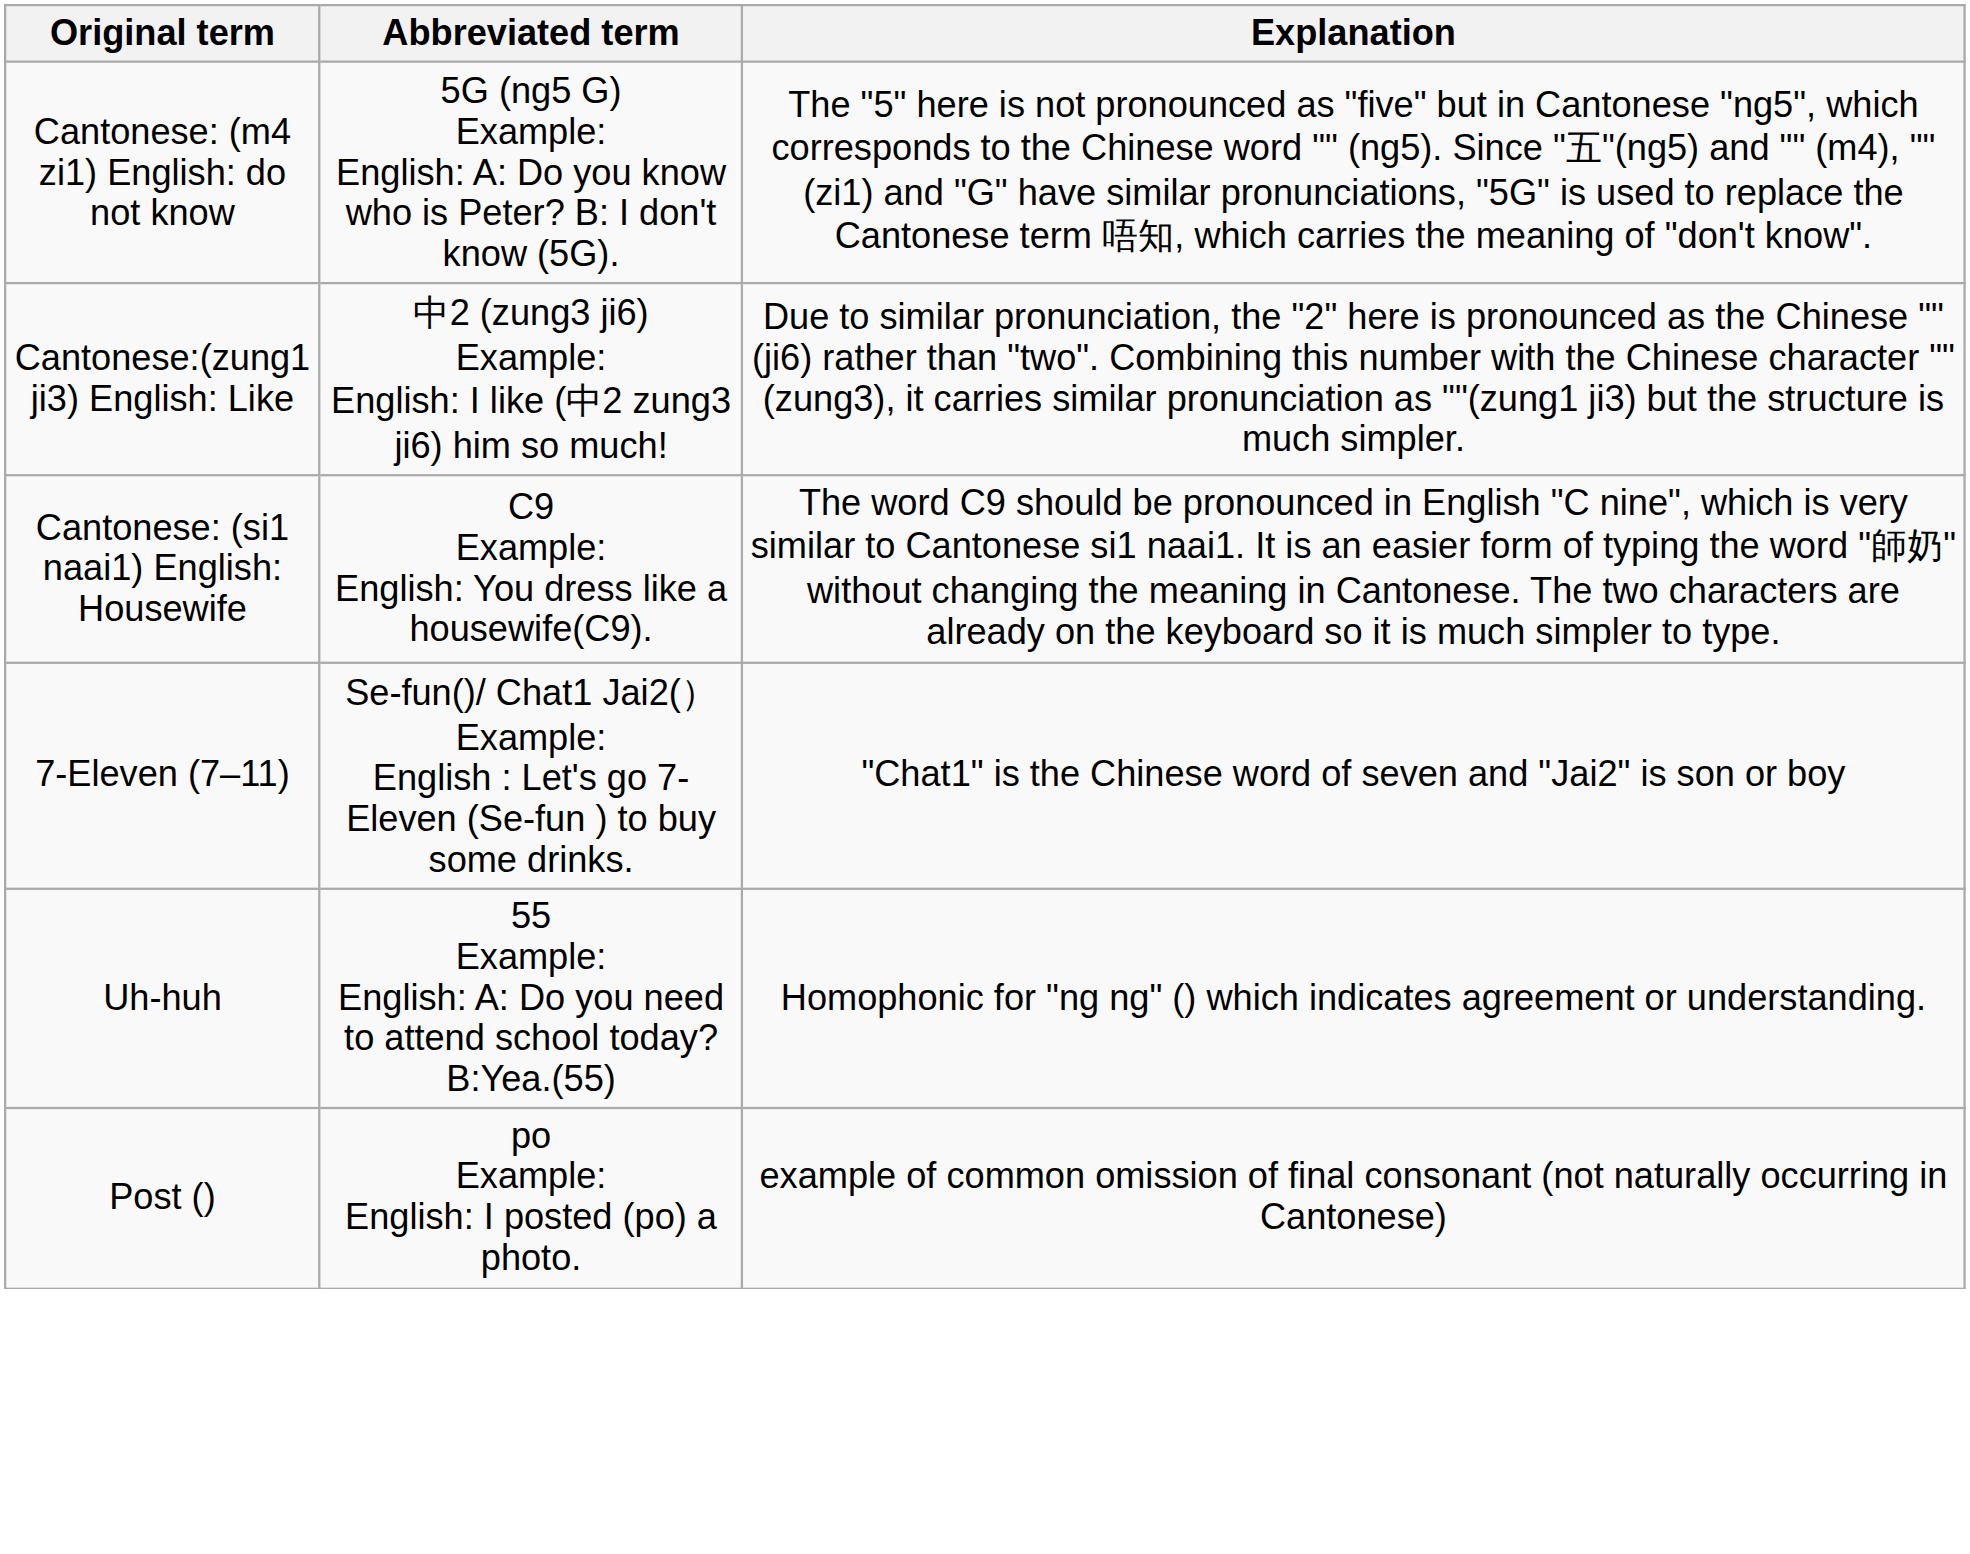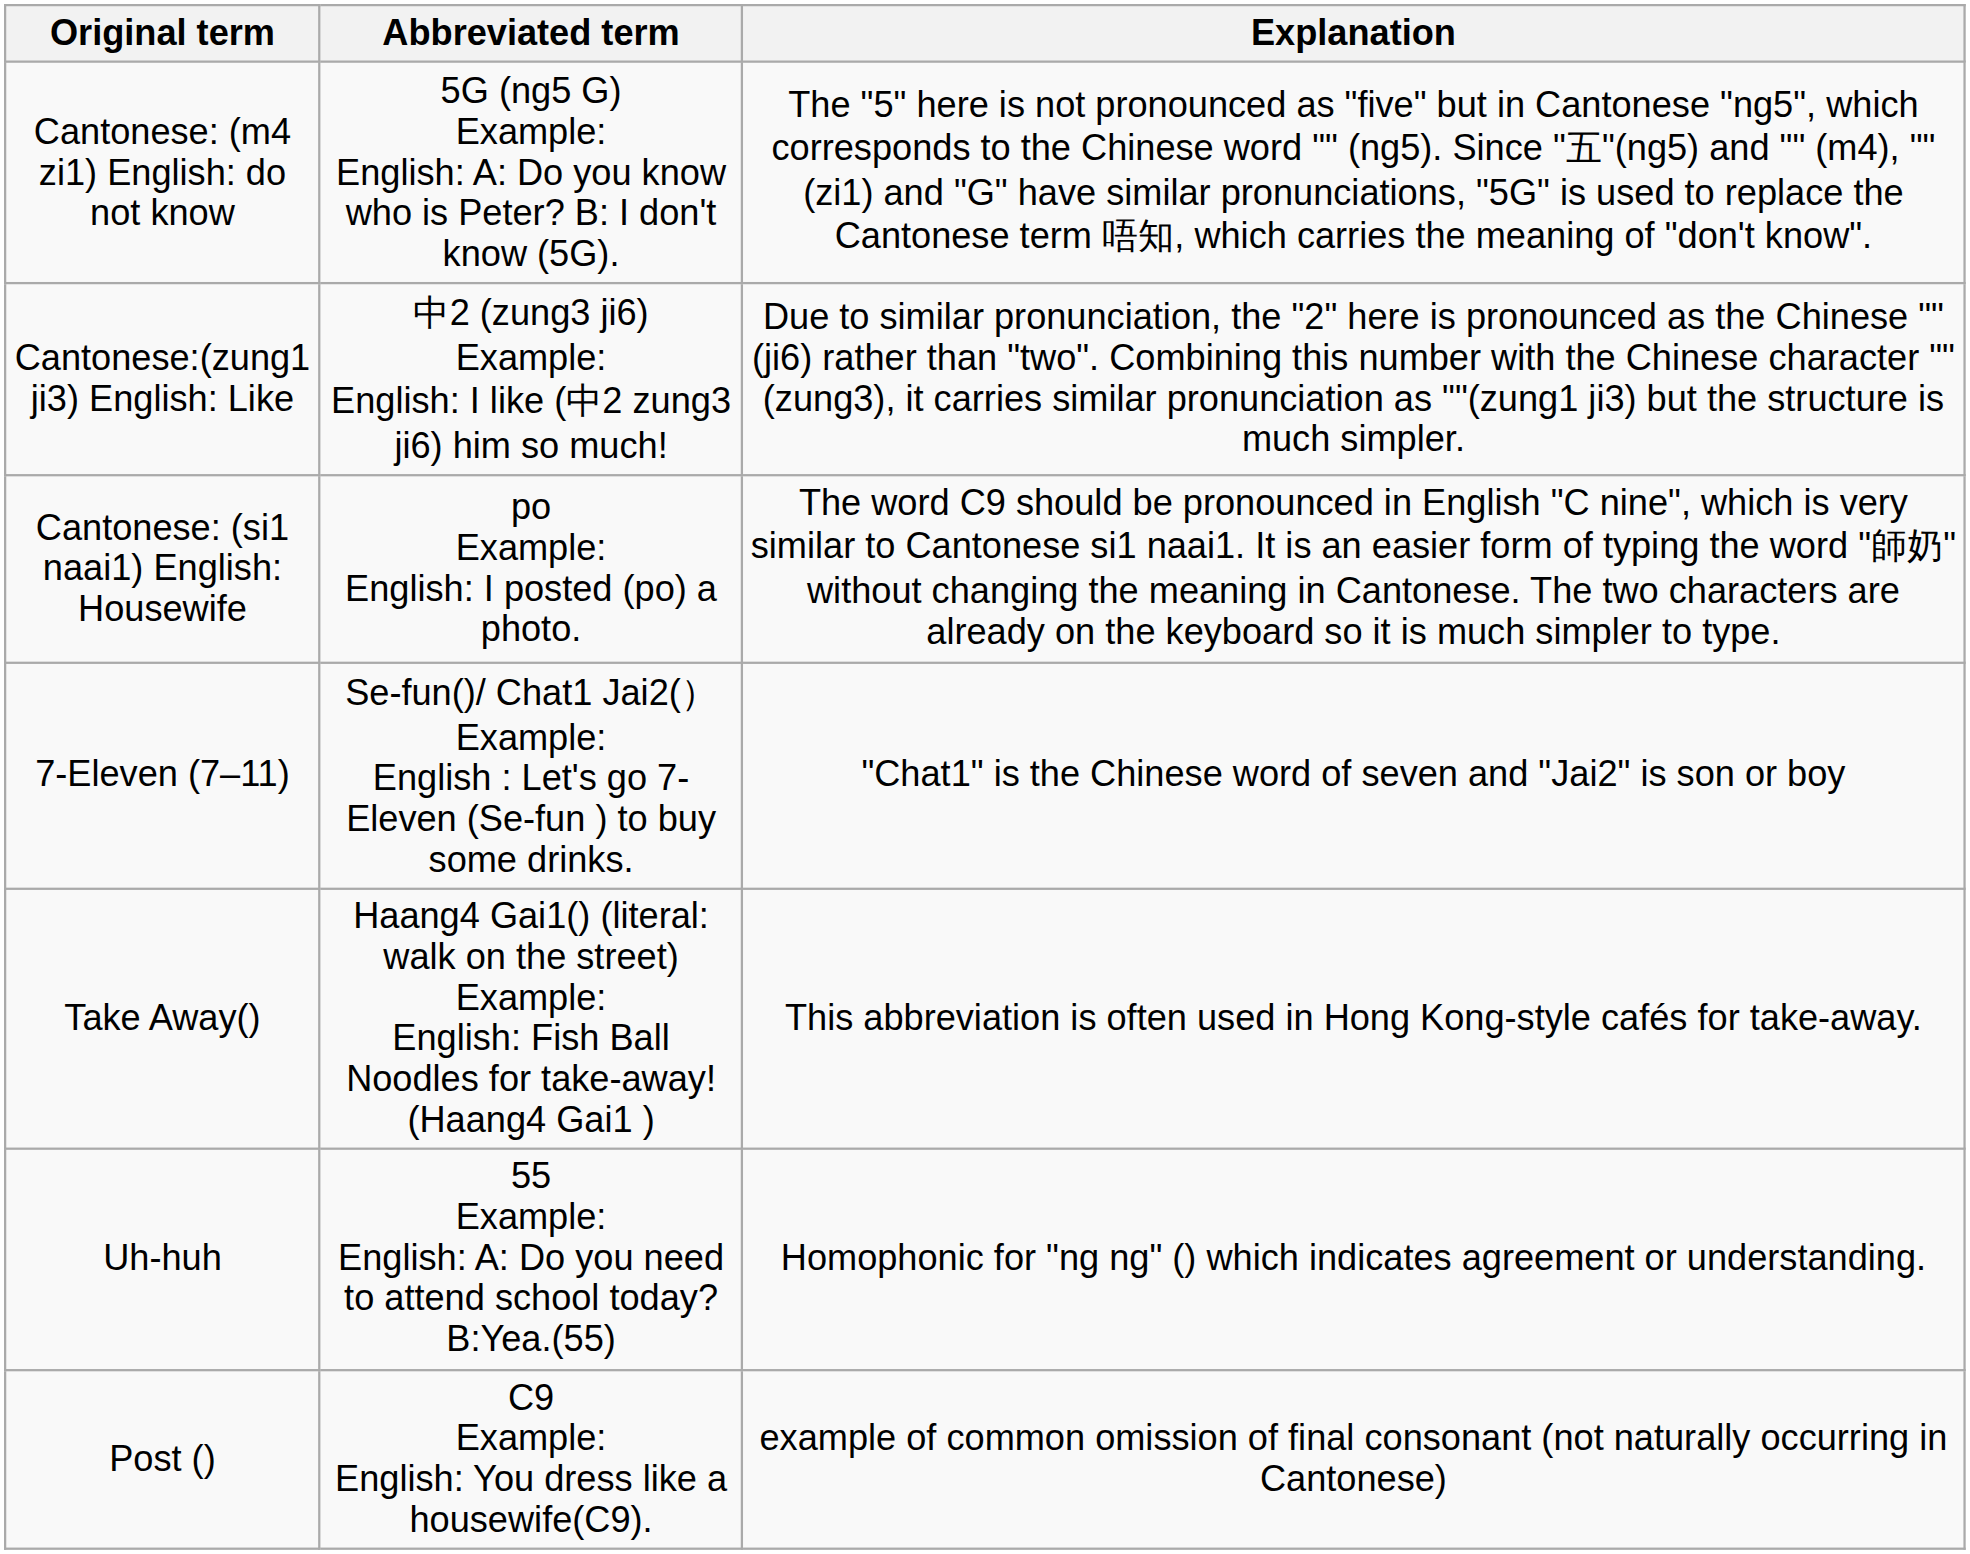 <table class="wikitable" style=text-align:center>
 <tr>
 <th>Original term</th>
 <th>Abbreviated term</th>
 <th>Explanation</th>
 </tr>
 <tr>
 <td>Cantonese: (m4 zi1)   English: do not know</td>
 <td>5G (ng5 G)<br>Example:  <br>English: A: Do you know who is Peter? B: I don't know (5G).</td>
 <td>The "5" here is not pronounced as "five" but in Cantonese "ng5", which corresponds to the Chinese word "" (ng5). Since "五"(ng5) and "" (m4), "" (zi1) and "G" have similar pronunciations, "5G" is used to replace the Cantonese term 唔知, which carries the meaning of "don't know".</td>
 </tr>
 <tr>
 <td>Cantonese:(zung1 ji3)   English: Like</td>
 <td>中2 (zung3 ji6)<br>Example: <br>English: I like (中2 zung3 ji6) him so much!</td>
 <td>Due to similar pronunciation, the "2" here is pronounced as the Chinese "" (ji6) rather than "two". Combining this number with the Chinese character "" (zung3), it carries similar pronunciation as ""(zung1 ji3) but the structure is much simpler.</td>
 </tr>
 <tr>
 <td>Cantonese: (si1 naai1)  English: Housewife</td>
-<td>C9<br>Example: <br>English: You dress like a housewife(C9).</td>
+<td>po<br>Example:  <br>English: I posted (po) a photo.</td>
 <td>The word C9 should be pronounced in English "C nine", which is very similar to Cantonese si1 naai1. It is an easier form of typing the word "師奶" without changing the meaning in Cantonese. The two characters are already on the keyboard so it is much simpler to type.</td>
 </tr>
 <tr>
 <td>7-Eleven (7–11)</td>
 <td>Se-fun()/ Chat1 Jai2(）<br>Example: <br>English :  Let's go 7-Eleven (Se-fun ) to buy some drinks.</td>
 <td>"Chat1" is the Chinese word of seven and "Jai2" is son or boy</td>
 </tr>
 <tr>
+<td>Take Away()</td>
+<td>Haang4 Gai1() (literal: walk on the street)<br>Example: <br>English:  Fish Ball Noodles for take-away! (Haang4 Gai1 )</td>
+<td>This abbreviation is often used in Hong Kong-style cafés for take-away.</td>
+</tr>
+<tr>
 <td>Uh-huh</td>
 <td>55<br>Example:  <br>English: A: Do you need to attend school today? B:Yea.(55)</td>
 <td>Homophonic for "ng ng" () which indicates agreement or understanding.</td>
 </tr>
 <tr>
 <td>Post ()</td>
-<td>po<br>Example:  <br>English: I posted (po) a photo.</td>
+<td>C9<br>Example: <br>English: You dress like a housewife(C9).</td>
 <td>example of common omission of final consonant (not naturally occurring in Cantonese)</td>
 </tr>
 </table>
